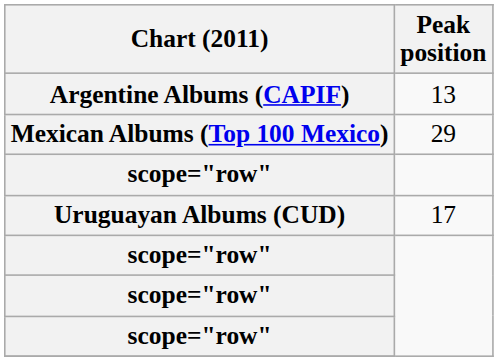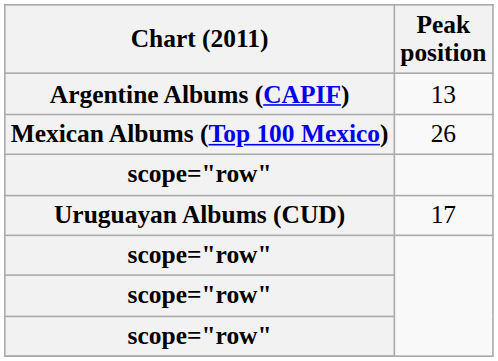 <table class="wikitable sortable plainrowheaders" style="text-align:center">
 <tr>
 <th align="left">Chart (2011)</th>
 <th style="text-align:center;">Peak<br>position</th>
 </tr>
 <tr>
 <th scope="row">Argentine Albums (<a href='#'>CAPIF</a>)</th>
 <td align="center">13</td>
 </tr>
 <tr>
 <th scope="row">Mexican Albums (<a href='#'>Top 100 Mexico</a>)</th>
-<td align="center">29</td>
+<td align="center">26</td>
 </tr>
 <tr>
 <th>scope="row" </th>
 </tr>
 <tr>
 <th scope="row">Uruguayan Albums (CUD)</th>
 <td align="center">17</td>
 </tr>
 <tr>
 <th>scope="row" </th>
 </tr>
 <tr>
 <th>scope="row" </th>
 </tr>
 <tr>
 <th>scope="row" </th>
 </tr>
 <tr>
 </tr>
 </table>
